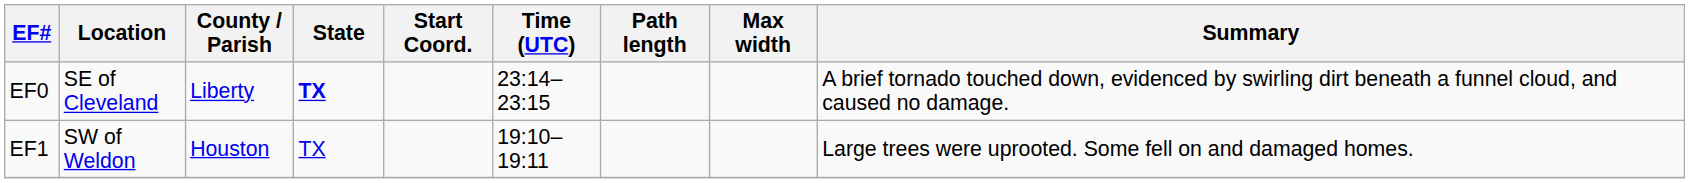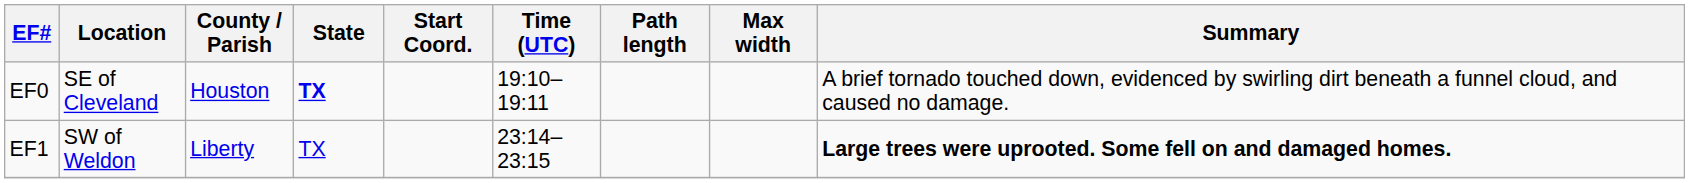 <table class="wikitable sortable" style="width:100%;">
 <tr>
 <th scope="col"  style="width:3%; text-align:center;"><a href='#'>EF#</a></th>
 <th scope="col"  style="width:7%; text-align:center;" class="unsortable">Location</th>
 <th scope="col"  style="width:6%; text-align:center;" class="unsortable">County / Parish</th>
 <th scope="col"  style="width:5%; text-align:center;">State</th>
 <th scope="col"  style="width:6%; text-align:center;">Start Coord.</th>
 <th scope="col"  style="width:6%; text-align:center;">Time (<a href='#'>UTC</a>)</th>
 <th scope="col"  style="width:6%; text-align:center;">Path length</th>
 <th scope="col"  style="width:6%; text-align:center;">Max width</th>
 <th scope="col" class="unsortable" style="width:48%; text-align:center;">Summary</th>
 </tr>
 <tr>
 <td>EF0</td>
 <td>SE of <a href='#'>Cleveland</a></td>
-<td><a href='#'>Liberty</a></td>
+<td><a href='#'>Houston</a></td>
 <td><strong><a href='#'>TX</a></strong></td>
 <td></td>
-<td>23:14–23:15</td>
+<td>19:10–19:11</td>
 <td></td>
 <td></td>
 <td>A brief tornado touched down, evidenced by swirling dirt beneath a funnel cloud, and caused no damage.</td>
 </tr>
 <tr>
 <td>EF1</td>
 <td>SW of <a href='#'>Weldon</a></td>
-<td><a href='#'>Houston</a></td>
+<td><a href='#'>Liberty</a></td>
 <td><a href='#'>TX</a></td>
 <td></td>
-<td>19:10–19:11</td>
+<td>23:14–23:15</td>
 <td></td>
 <td></td>
-<td>Large trees were uprooted. Some fell on and damaged homes.</td>
+<td><strong>Large trees were uprooted. Some fell on and damaged homes.</strong></td>
 </tr>
 <tr>
 </tr>
 </table>
